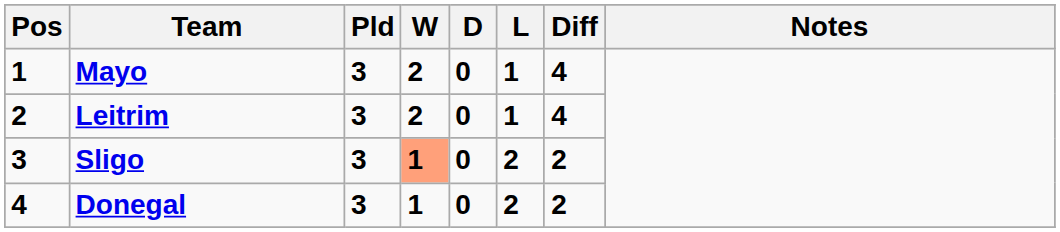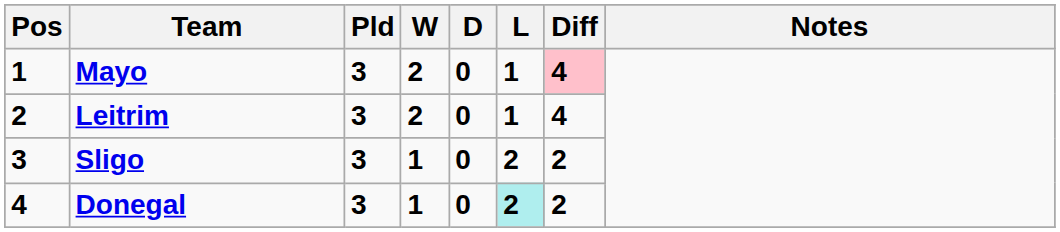 <table class="wikitable" style="text-align: centre;">
 <tr>
 <th width=20>Pos</th>
 <th width=150>Team</th>
 <th width=20>Pld</th>
 <th width=20>W</th>
 <th width=20>D</th>
 <th width=20>L</th>
 <th width=20>Diff</th>
 <th width=250>Notes</th>
 </tr>
 <tr style>
 <td><strong>1</strong></td>
 <td align=left><strong> <a href='#'>Mayo</a> </strong></td>
 <td><strong>3</strong></td>
 <td><strong>2</strong></td>
 <td><strong>0</strong></td>
 <td><strong>1</strong></td>
-<td><strong>4</strong></td>
+<td style="background: pink;"><strong>4</strong></td>
 </tr>
 <tr>
 <td><strong>2</strong></td>
 <td align=left><strong> <a href='#'>Leitrim</a> </strong></td>
 <td><strong>3</strong></td>
 <td><strong>2</strong></td>
 <td><strong>0</strong></td>
 <td><strong>1</strong></td>
 <td><strong>4</strong></td>
 </tr>
 <tr>
 <td><strong>3</strong></td>
 <td align=left><strong> <a href='#'>Sligo</a> </strong></td>
 <td><strong>3</strong></td>
-<td style="background: lightsalmon;"><strong>1</strong></td>
+<td><strong>1</strong></td>
 <td><strong>0</strong></td>
 <td><strong>2</strong></td>
 <td><strong>2</strong></td>
 </tr>
 <tr>
 <td><strong>4</strong></td>
 <td align=left><strong> <a href='#'>Donegal</a> </strong></td>
 <td><strong>3</strong></td>
 <td><strong>1</strong></td>
 <td><strong>0</strong></td>
-<td><strong>2</strong></td>
+<td style="background: paleturquoise;"><strong>2</strong></td>
 <td><strong>2</strong></td>
 </tr>
 </table>
